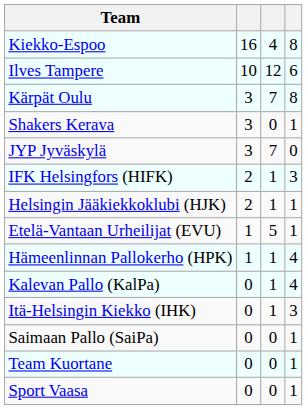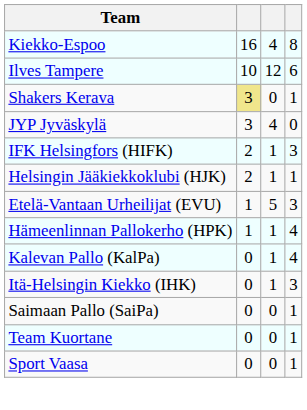 <table class="wikitable sortable" style="text-size: 80%; text-align:center">
 <tr>
 <th>Team</th>
 <th></th>
 <th></th>
 <th></th>
 </tr>
 <tr style="background:#eeffff;">
 <td align=left><a href='#'>Kiekko-Espoo</a></td>
 <td>16</td>
 <td>4</td>
 <td>8</td>
 </tr>
 <tr style="background:#eeffff;">
 <td align=left><a href='#'>Ilves Tampere</a></td>
 <td>10</td>
 <td>12</td>
 <td>6</td>
 </tr>
-<tr style="background:#eeffff;">
-<td align=left><a href='#'>Kärpät Oulu</a></td>
-<td>3</td>
-<td>7</td>
-<td>8</td>
-</tr>
 <tr>
 <td align=left><a href='#'>Shakers Kerava</a></td>
-<td>3</td>
+<td style="background: khaki;">3</td>
 <td>0</td>
 <td>1</td>
 </tr>
 <tr>
 <td align=left><a href='#'>JYP Jyväskylä</a></td>
 <td>3</td>
-<td>7</td>
+<td>4</td>
 <td>0</td>
 </tr>
 <tr style="background:#eeffff;">
 <td align=left><a href='#'>IFK Helsingfors</a> (HIFK)</td>
 <td>2</td>
 <td>1</td>
 <td>3</td>
 </tr>
 <tr>
 <td align=left><a href='#'>Helsingin Jääkiekkoklubi</a> (HJK)</td>
 <td>2</td>
 <td>1</td>
 <td>1</td>
 </tr>
 <tr>
 <td align=left><a href='#'>Etelä-Vantaan Urheilijat</a> (EVU)</td>
 <td>1</td>
 <td>5</td>
-<td>1</td>
+<td>3</td>
 </tr>
 <tr style="background:#eeffff;">
 <td align=left><a href='#'>Hämeenlinnan Pallokerho</a> (HPK)</td>
 <td>1</td>
 <td>1</td>
 <td>4</td>
 </tr>
 <tr style="background:#eeffff;">
 <td align=left><a href='#'>Kalevan Pallo</a> (KalPa)</td>
 <td>0</td>
 <td>1</td>
 <td>4</td>
 </tr>
 <tr>
 <td align=left><a href='#'>Itä-Helsingin Kiekko</a> (IHK)</td>
 <td>0</td>
 <td>1</td>
 <td>3</td>
 </tr>
 <tr>
 <td align=left>Saimaan Pallo (SaiPa)</td>
 <td>0</td>
 <td>0</td>
 <td>1</td>
 </tr>
 <tr style="background:#eeffff;">
 <td align=left><a href='#'>Team Kuortane</a></td>
 <td>0</td>
 <td>0</td>
 <td>1</td>
 </tr>
 <tr>
 <td align=left><a href='#'>Sport Vaasa</a></td>
 <td>0</td>
 <td>0</td>
 <td>1</td>
 </tr>
 </table>
